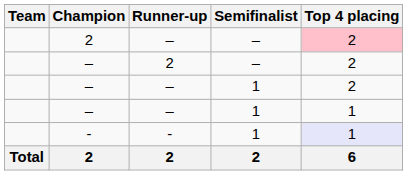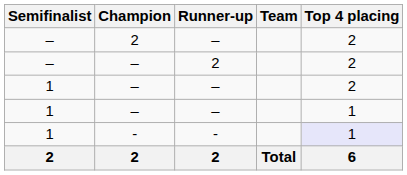 <table class="wikitable sortable" style="text-align: center;">
 <tr>
-<th>Team</th>
+<th>Semifinalist</th>
 <th>Champion</th>
 <th>Runner-up</th>
-<th>Semifinalist</th>
+<th>Team</th>
 <th>Top 4 placing</th>
 </tr>
 <tr>
-<td align=left></td>
-<td>2</td>
-<td>–</td>
-<td>–</td>
-<td style="background: pink;">2</td>
-</tr>
-<tr>
-<td align=left></td>
 <td>–</td>
 <td>2</td>
 <td>–</td>
+<td align=left></td>
 <td>2</td>
 </tr>
 <tr>
-<td align=left></td>
 <td>–</td>
 <td>–</td>
-<td>1</td>
+<td>2</td>
+<td align=left></td>
 <td>2</td>
 </tr>
 <tr>
-<td align=left></td>
+<td>1</td>
 <td>–</td>
 <td>–</td>
+<td align=left></td>
+<td>2</td>
+</tr>
+<tr>
 <td>1</td>
+<td>–</td>
+<td>–</td>
+<td align=left></td>
 <td>1</td>
 </tr>
 <tr>
-<td align=left></td>
+<td>1</td>
 <td>-</td>
 <td>-</td>
-<td>1</td>
+<td align=left></td>
 <td style="background: lavender;">1</td>
 </tr>
 <tr>
-<th align="left">Total</th>
 <th>2</th>
 <th>2</th>
 <th>2</th>
+<th align="left">Total</th>
 <th>6</th>
 </tr>
 </table>
